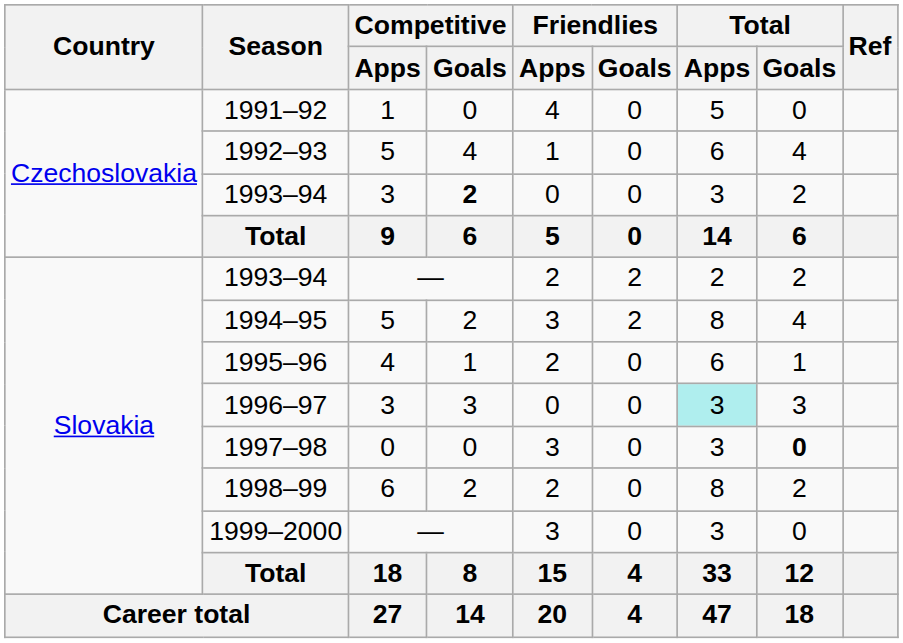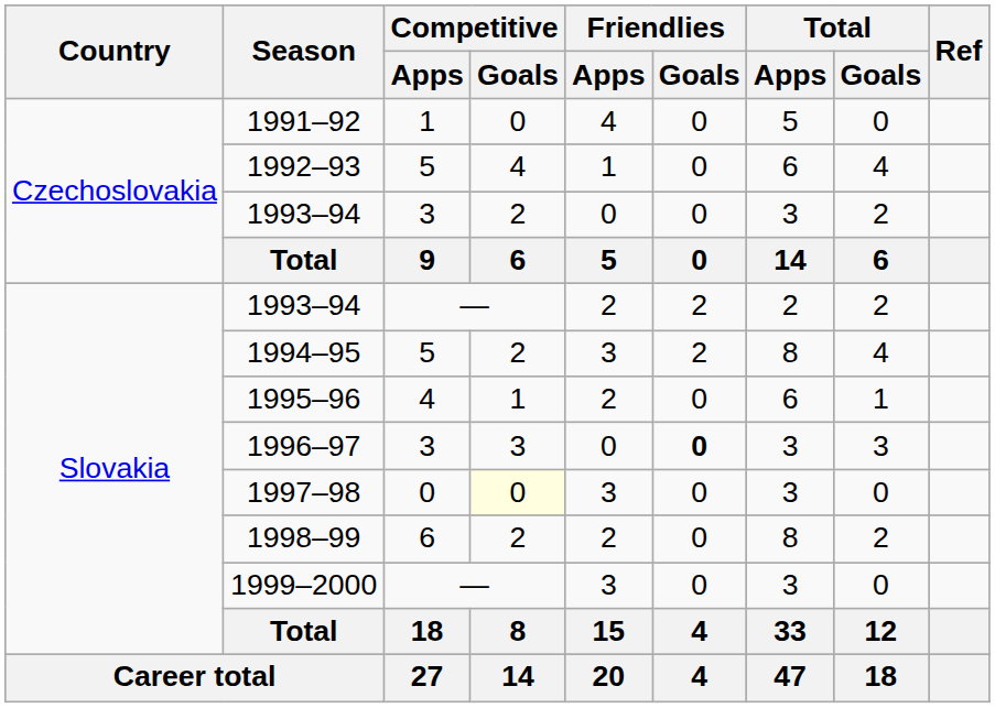 <table class="wikitable" style="text-align:center">
 <tr>
 <th rowspan="2">Country</th>
 <th rowspan="2">Season</th>
 <th colspan="2">Competitive</th>
 <th colspan="2">Friendlies</th>
 <th colspan="2">Total</th>
 <th rowspan="2" colspan="2">Ref</th>
 </tr>
 <tr>
 <th>Apps</th>
 <th>Goals</th>
 <th>Apps</th>
 <th>Goals</th>
 <th>Apps</th>
 <th>Goals</th>
 </tr>
 <tr>
 <td rowspan="4"><a href='#'>Czechoslovakia</a></td>
 <td>1991–92</td>
 <td>1</td>
 <td>0</td>
 <td>4</td>
 <td>0</td>
 <td>5</td>
 <td>0</td>
 <td></td>
 </tr>
 <tr>
 <td>1992–93</td>
 <td>5</td>
 <td>4</td>
 <td>1</td>
 <td>0</td>
 <td>6</td>
 <td>4</td>
 <td></td>
 </tr>
 <tr>
 <td>1993–94</td>
 <td>3</td>
-<td><strong>2</strong></td>
+<td>2</td>
 <td>0</td>
 <td>0</td>
 <td>3</td>
 <td>2</td>
 <td></td>
 </tr>
 <tr>
 <th>Total</th>
 <th>9</th>
 <th>6</th>
 <th>5</th>
 <th>0</th>
 <th>14</th>
 <th>6</th>
 <th></th>
 </tr>
 <tr>
 <td rowspan="8"><a href='#'>Slovakia</a></td>
 <td>1993–94</td>
 <td colspan="2">—</td>
 <td>2</td>
 <td>2</td>
 <td>2</td>
 <td>2</td>
 <td></td>
 </tr>
 <tr>
 <td>1994–95</td>
 <td>5</td>
 <td>2</td>
 <td>3</td>
 <td>2</td>
 <td>8</td>
 <td>4</td>
 <td></td>
 </tr>
 <tr>
 <td>1995–96</td>
 <td>4</td>
 <td>1</td>
 <td>2</td>
 <td>0</td>
 <td>6</td>
 <td>1</td>
 <td></td>
 </tr>
 <tr>
 <td>1996–97</td>
 <td>3</td>
 <td>3</td>
 <td>0</td>
-<td>0</td>
-<td style="background: paleturquoise;">3</td>
+<td><strong>0</strong></td>
+<td>3</td>
 <td>3</td>
 <td></td>
 </tr>
 <tr>
 <td>1997–98</td>
 <td>0</td>
+<td style="background: lightyellow;">0</td>
+<td>3</td>
 <td>0</td>
 <td>3</td>
 <td>0</td>
-<td>3</td>
-<td><strong>0</strong></td>
 <td></td>
 </tr>
 <tr>
 <td>1998–99</td>
 <td>6</td>
 <td>2</td>
 <td>2</td>
 <td>0</td>
 <td>8</td>
 <td>2</td>
 <td></td>
 </tr>
 <tr>
 <td>1999–2000</td>
 <td colspan="2">—</td>
 <td>3</td>
 <td>0</td>
 <td>3</td>
 <td>0</td>
 <td></td>
 </tr>
 <tr>
 <th>Total</th>
 <th>18</th>
 <th>8</th>
 <th>15</th>
 <th>4</th>
 <th>33</th>
 <th>12</th>
 <th></th>
 </tr>
 <tr>
 <th colspan="2">Career total</th>
 <th>27</th>
 <th>14</th>
 <th>20</th>
 <th>4</th>
 <th>47</th>
 <th>18</th>
 <th></th>
 </tr>
 </table>
